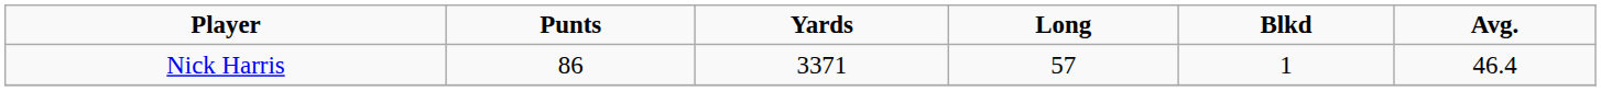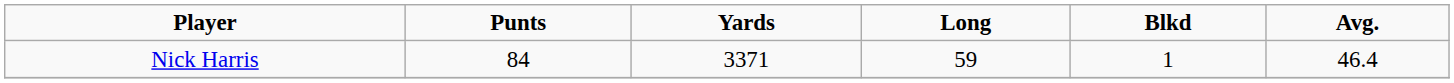 <table class="wikitable" width="80%">
 <tr align="center">
 <td><strong>Player</strong></td>
 <td><strong>Punts</strong></td>
 <td><strong>Yards</strong></td>
 <td><strong>Long</strong></td>
 <td><strong>Blkd</strong></td>
 <td><strong>Avg.</strong></td>
 </tr>
 <tr align="center" bgcolor="">
 <td><a href='#'>Nick Harris</a></td>
-<td>86</td>
+<td>84</td>
 <td>3371</td>
-<td>57</td>
+<td>59</td>
 <td>1</td>
 <td>46.4</td>
 </tr>
 <tr align="center" bgcolor="">
 </tr>
 </table>
